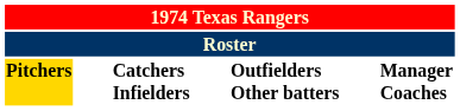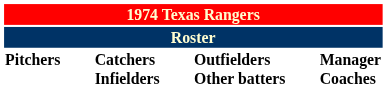 <table class="toccolours" style="font-size: 95%;">
 <tr>
 <th colspan="10" style="background-color: red; color: #FFFDD0; text-align: center;">1974 Texas Rangers</th>
 </tr>
 <tr>
 <td colspan="10" style="background-color: #003366; color: #FFFDD0; text-align: center;"><strong>Roster</strong></td>
 </tr>
 <tr>
-<td valign="top" style="background: gold;"><strong>Pitchers</strong><br>              </td>
+<td valign="top"><strong>Pitchers</strong><br>              </td>
 <td width="25px"></td>
 <td valign="top"><strong>Catchers</strong><br>    <strong>Infielders</strong>            </td>
 <td width="25px"></td>
 <td valign="top"><strong>Outfielders</strong><br>      <strong>Other batters</strong> </td>
 <td width="25px"></td>
 <td valign="top"><strong>Manager</strong><br> <strong>Coaches</strong>     </td>
 </tr>
 <tr>
 </tr>
 </table>
